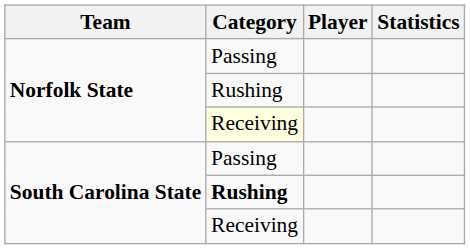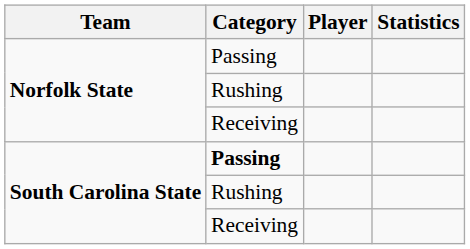 <table class="wikitable" style="float: right;">
 <tr>
 <th>Team</th>
 <th>Category</th>
 <th>Player</th>
 <th>Statistics</th>
 </tr>
 <tr>
 <td rowspan=3><strong>Norfolk State</strong></td>
 <td>Passing</td>
 <td></td>
 <td></td>
 </tr>
 <tr>
 <td>Rushing</td>
 <td></td>
 <td></td>
 </tr>
 <tr>
-<td style="background: lightyellow;">Receiving</td>
+<td>Receiving</td>
 <td></td>
 <td></td>
 </tr>
 <tr>
 <td rowspan=3><strong>South Carolina State</strong></td>
-<td>Passing</td>
+<td><strong>Passing</strong></td>
 <td></td>
 <td></td>
 </tr>
 <tr>
-<td><strong>Rushing</strong></td>
+<td>Rushing</td>
 <td></td>
 <td></td>
 </tr>
 <tr>
 <td>Receiving</td>
 <td></td>
 <td></td>
 </tr>
 </table>
